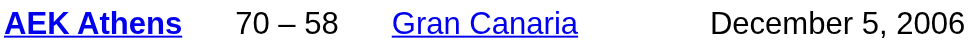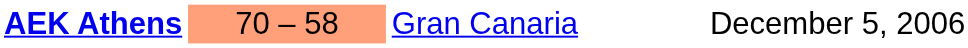 <table style="text-align:center">
 <tr>
 <th width=160></th>
 <th width=100></th>
 <th width=160></th>
 <th width=200></th>
 </tr>
 <tr>
 <td align=right><strong><a href='#'>AEK Athens</a></strong> </td>
-<td>70 – 58</td>
+<td style="background: lightsalmon;">70 – 58</td>
 <td align=left> <a href='#'>Gran Canaria</a></td>
 <td align=left>December 5, 2006</td>
 </tr>
 </table>
